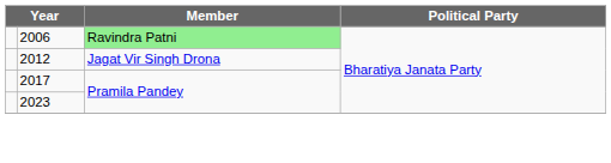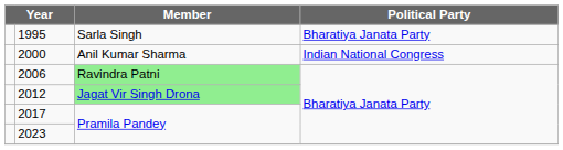 <table class="wikitable" width=80%>
 <tr>
 <th style="background-color:#666666; color:white" colspan="2">Year</th>
 <th style="background-color:#666666; color:white">Member</th>
 <th style="background-color:#666666; color:white">Political Party</th>
+</tr>
+<tr>
+<td style="background-color: "></td>
+<td>1995</td>
+<td>Sarla Singh</td>
+<td><a href='#'>Bharatiya Janata Party</a></td>
+</tr>
+<tr>
+<td style="background-color: "></td>
+<td>2000</td>
+<td>Anil Kumar Sharma</td>
+<td><a href='#'>Indian National Congress</a></td>
 </tr>
 <tr>
 <td style="background-color: "></td>
 <td>2006</td>
 <td style="background: lightgreen;">Ravindra Patni</td>
 <td rowspan=4><a href='#'>Bharatiya Janata Party</a></td>
 </tr>
 <tr>
 <td style="background-color: "></td>
 <td>2012</td>
-<td><a href='#'>Jagat Vir Singh Drona</a></td>
+<td style="background: lightgreen;"><a href='#'>Jagat Vir Singh Drona</a></td>
 </tr>
 <tr>
 <td style="background-color: "></td>
 <td>2017</td>
 <td rowspan=2><a href='#'>Pramila Pandey</a></td>
 </tr>
 <tr>
 <td style="background-color: "></td>
 <td>2023</td>
 </tr>
 <tr>
 </tr>
 </table>
